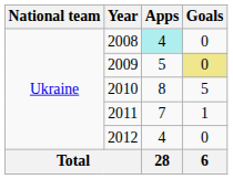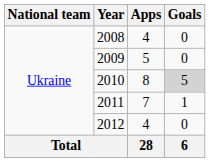 <table class="wikitable" style="text-align:center">
 <tr>
 <th>National team</th>
 <th>Year</th>
 <th>Apps</th>
 <th>Goals</th>
 </tr>
 <tr>
 <td rowspan="5"><a href='#'>Ukraine</a></td>
 <td>2008</td>
-<td style="background: paleturquoise;">4</td>
+<td>4</td>
 <td>0</td>
 </tr>
 <tr>
 <td>2009</td>
 <td>5</td>
-<td style="background: khaki;">0</td>
+<td>0</td>
 </tr>
 <tr>
 <td>2010</td>
 <td>8</td>
-<td>5</td>
+<td style="background: lightgrey;">5</td>
 </tr>
 <tr>
 <td>2011</td>
 <td>7</td>
 <td>1</td>
 </tr>
 <tr>
 <td>2012</td>
 <td>4</td>
 <td>0</td>
 </tr>
 <tr>
 <th colspan="2">Total</th>
 <th>28</th>
 <th>6</th>
 </tr>
 </table>
